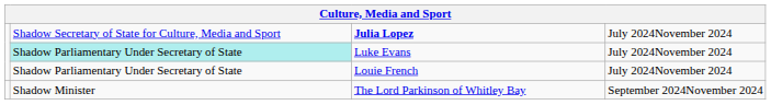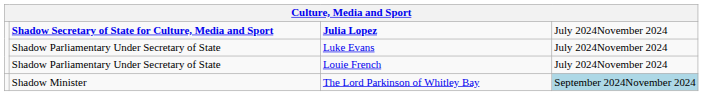 <table class="wikitable">
 <tr>
 <th colspan="5"><a href='#'>Culture, Media and Sport</a></th>
 </tr>
 <tr>
 <td rowspan="3" style="background: "></td>
-<td style="width: 450px;"><a href='#'>Shadow Secretary of State for Culture, Media and Sport</a></td>
+<td style="width: 450px;"><strong><a href='#'>Shadow Secretary of State for Culture, Media and Sport</a></strong></td>
 <td style="width: 333px;"><strong><a href='#'>Julia Lopez</a></strong></td>
 <td>July 2024November 2024</td>
 </tr>
 <tr>
-<td style="background: paleturquoise;">Shadow Parliamentary Under Secretary of State</td>
+<td>Shadow Parliamentary Under Secretary of State</td>
 <td><a href='#'>Luke Evans</a><br></td>
 <td>July 2024November 2024</td>
 </tr>
 <tr>
 <td>Shadow Parliamentary Under Secretary of State</td>
 <td><a href='#'>Louie French</a></td>
 <td>July 2024November 2024</td>
 </tr>
 <tr>
 <td style="background: "></td>
 <td>Shadow Minister</td>
 <td><a href='#'>The Lord Parkinson of Whitley Bay</a></td>
-<td>September 2024November 2024</td>
+<td style="background: lightblue;">September 2024November 2024</td>
 </tr>
 </table>
